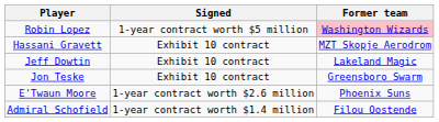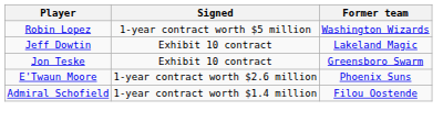 <table class="wikitable sortable sortable" style="text-align: center">
 <tr>
 <th>Player</th>
 <th>Signed</th>
 <th>Former team</th>
 </tr>
 <tr style="text-align: center">
 <td><a href='#'>Robin Lopez</a></td>
 <td>1-year contract worth $5 million</td>
-<td style="background: pink;"><a href='#'>Washington Wizards</a></td>
-</tr>
-<tr style="text-align: center">
-<td><a href='#'>Hassani Gravett</a></td>
-<td>Exhibit 10 contract</td>
-<td> <a href='#'>MZT Skopje Aerodrom</a></td>
+<td><a href='#'>Washington Wizards</a></td>
 </tr>
 <tr style="text-align: center">
 <td><a href='#'>Jeff Dowtin</a></td>
 <td>Exhibit 10 contract</td>
 <td><a href='#'>Lakeland Magic</a></td>
 </tr>
 <tr style="text-align: center">
 <td><a href='#'>Jon Teske</a></td>
 <td>Exhibit 10 contract</td>
 <td><a href='#'>Greensboro Swarm</a></td>
 </tr>
 <tr style="text-align: center">
 <td><a href='#'>E'Twaun Moore</a></td>
 <td>1-year contract worth $2.6 million</td>
 <td><a href='#'>Phoenix Suns</a></td>
 </tr>
 <tr style="text-align: center">
 <td><a href='#'>Admiral Schofield</a></td>
 <td>1-year contract worth $1.4 million</td>
 <td> <a href='#'>Filou Oostende</a></td>
 </tr>
 </table>
